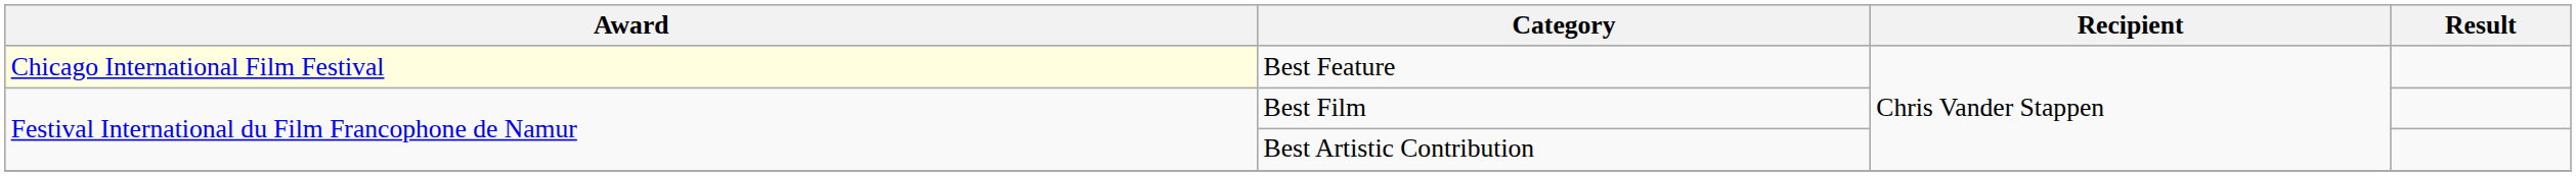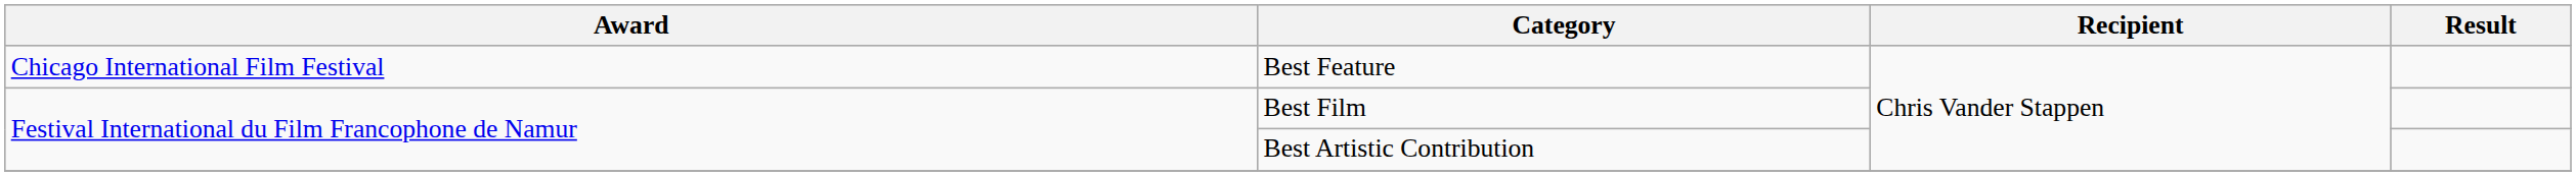 <table class="wikitable" style="width:99%;">
 <tr>
 <th>Award</th>
 <th>Category</th>
 <th>Recipient</th>
 <th>Result</th>
 </tr>
 <tr>
-<td style="background: lightyellow;"><a href='#'>Chicago International Film Festival</a></td>
+<td><a href='#'>Chicago International Film Festival</a></td>
 <td>Best Feature</td>
 <td rowspan=3>Chris Vander Stappen</td>
 <td></td>
 </tr>
 <tr>
 <td rowspan=2><a href='#'>Festival International du Film Francophone de Namur</a></td>
 <td>Best Film</td>
 <td></td>
 </tr>
 <tr>
 <td>Best Artistic Contribution</td>
 <td></td>
 </tr>
 <tr>
 </tr>
 </table>
